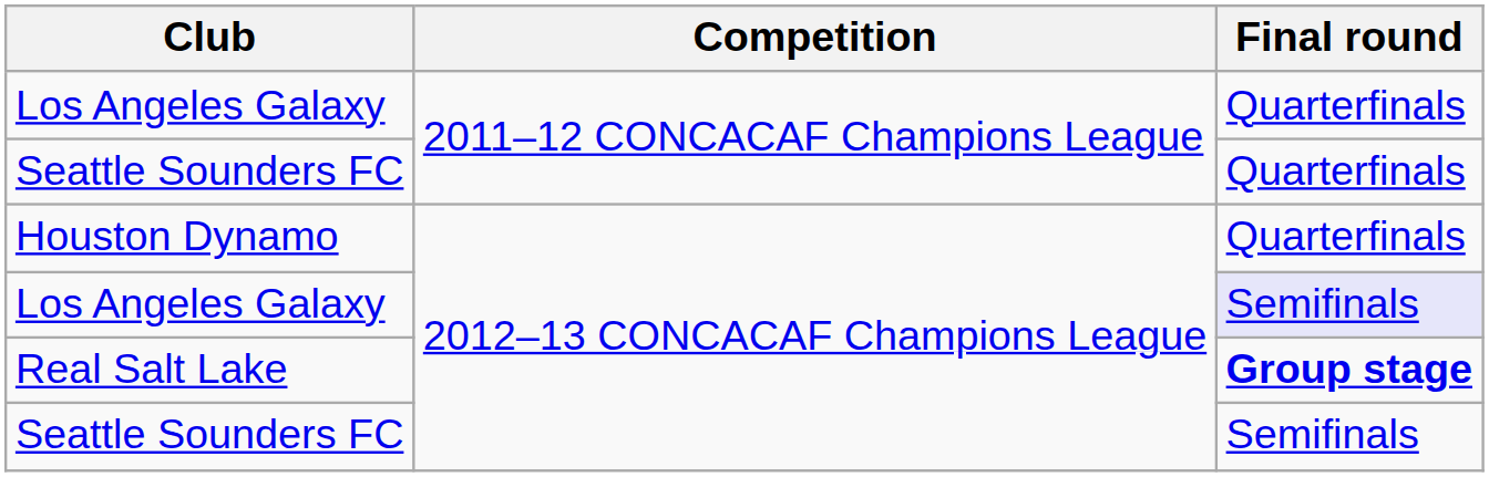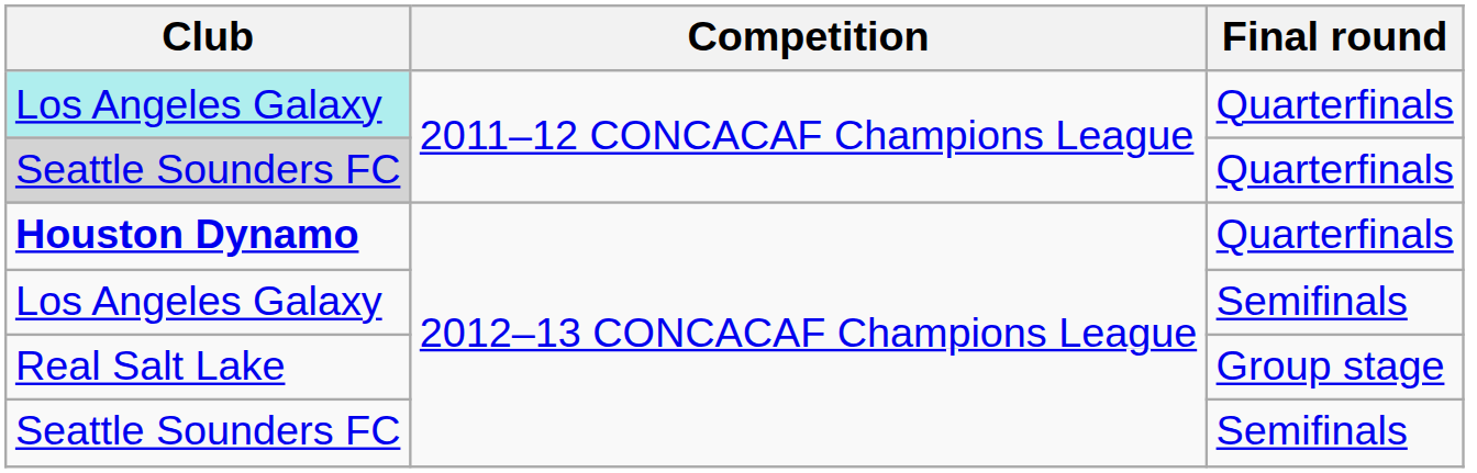 <table class="wikitable">
 <tr>
 <th>Club</th>
 <th>Competition</th>
 <th>Final round</th>
 </tr>
 <tr>
-<td><a href='#'>Los Angeles Galaxy</a></td>
+<td style="background: paleturquoise;"><a href='#'>Los Angeles Galaxy</a></td>
 <td rowspan=2><a href='#'>2011–12 CONCACAF Champions League</a></td>
 <td><a href='#'>Quarterfinals</a></td>
 </tr>
 <tr>
-<td><a href='#'>Seattle Sounders FC</a></td>
+<td style="background: lightgrey;"><a href='#'>Seattle Sounders FC</a></td>
 <td><a href='#'>Quarterfinals</a></td>
 </tr>
 <tr>
-<td><a href='#'>Houston Dynamo</a></td>
+<td><strong><a href='#'>Houston Dynamo</a></strong></td>
 <td rowspan=4><a href='#'>2012–13 CONCACAF Champions League</a></td>
 <td><a href='#'>Quarterfinals</a></td>
 </tr>
 <tr>
 <td><a href='#'>Los Angeles Galaxy</a></td>
-<td style="background: lavender;"><a href='#'>Semifinals</a></td>
+<td><a href='#'>Semifinals</a></td>
 </tr>
 <tr>
 <td><a href='#'>Real Salt Lake</a></td>
-<td><strong><a href='#'>Group stage</a></strong></td>
+<td><a href='#'>Group stage</a></td>
 </tr>
 <tr>
 <td><a href='#'>Seattle Sounders FC</a></td>
 <td><a href='#'>Semifinals</a></td>
 </tr>
 </table>
